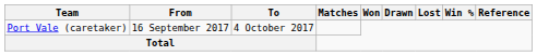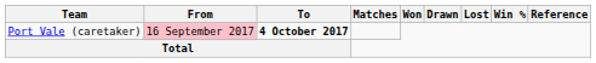 <table class="wikitable" style="text-align: center">
 <tr>
 <th>Team</th>
 <th>From</th>
 <th class="unsortable">To</th>
 <th>Matches</th>
 <th>Won</th>
 <th>Drawn</th>
 <th>Lost</th>
 <th>Win %</th>
 <th>Reference</th>
 </tr>
 <tr>
 <td align=left><a href='#'>Port Vale</a> (caretaker)</td>
-<td align=left>16 September 2017</td>
-<td align=left>4 October 2017<br></td>
+<td align=left style="background: pink;">16 September 2017</td>
+<td align=left><strong>4 October 2017<br></strong></td>
 <td></td>
 </tr>
 <tr>
 <th colspan=3>Total<br></th>
 </tr>
 </table>
